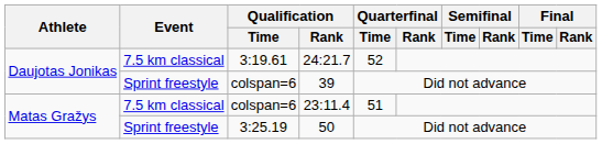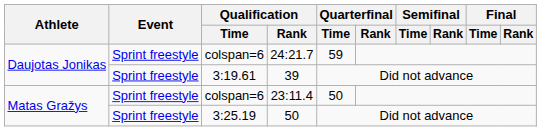 <table class="wikitable" style="font-size:90%">
 <tr>
 <th rowspan="2">Athlete</th>
 <th rowspan="2">Event</th>
 <th colspan="2">Qualification</th>
 <th colspan="2">Quarterfinal</th>
 <th colspan="2">Semifinal</th>
 <th colspan="2">Final</th>
 </tr>
 <tr style="font-size:95%">
 <th>Time</th>
 <th>Rank</th>
 <th>Time</th>
 <th>Rank</th>
 <th>Time</th>
 <th>Rank</th>
 <th>Time</th>
 <th>Rank</th>
 </tr>
 <tr align=center>
 <td align=left rowspan=2><a href='#'>Daujotas Jonikas</a></td>
-<td align=left><a href='#'>7.5 km classical</a></td>
-<td>3:19.61</td>
+<td align=left><a href='#'>Sprint freestyle</a></td>
+<td>colspan=6</td>
 <td>24:21.7</td>
-<td>52</td>
+<td>59</td>
 </tr>
 <tr align=center>
 <td align=left><a href='#'>Sprint freestyle</a></td>
-<td>colspan=6</td>
+<td>3:19.61</td>
 <td>39</td>
 <td colspan=6>Did not advance</td>
 </tr>
 <tr align=center>
 <td align=left rowspan=2><a href='#'>Matas Gražys</a></td>
-<td align=left><a href='#'>7.5 km classical</a></td>
+<td align=left><a href='#'>Sprint freestyle</a></td>
 <td>colspan=6</td>
 <td>23:11.4</td>
-<td>51</td>
+<td>50</td>
 </tr>
 <tr align=center>
 <td align=left><a href='#'>Sprint freestyle</a></td>
 <td>3:25.19</td>
 <td>50</td>
 <td colspan=6>Did not advance</td>
 </tr>
 </table>
